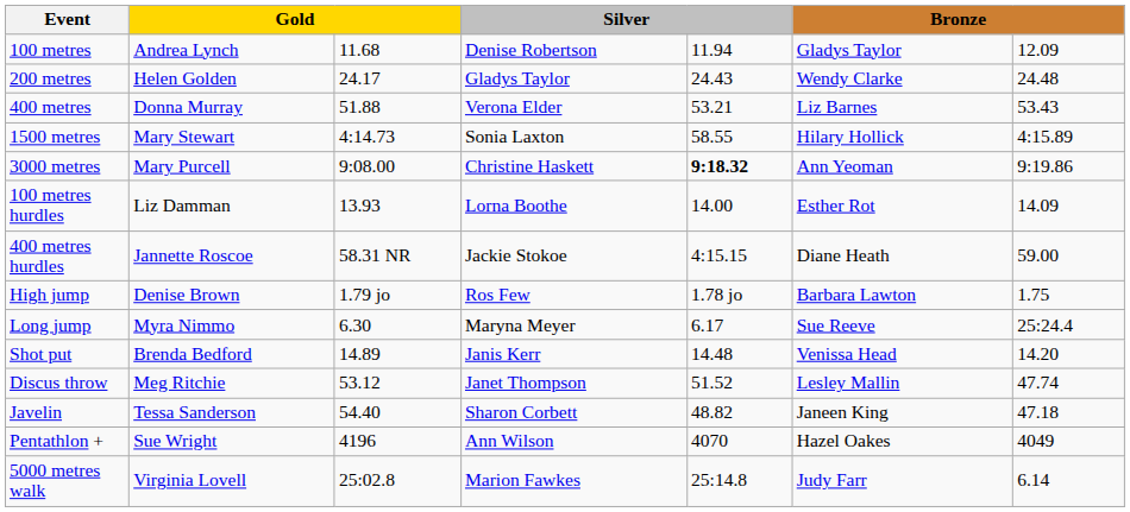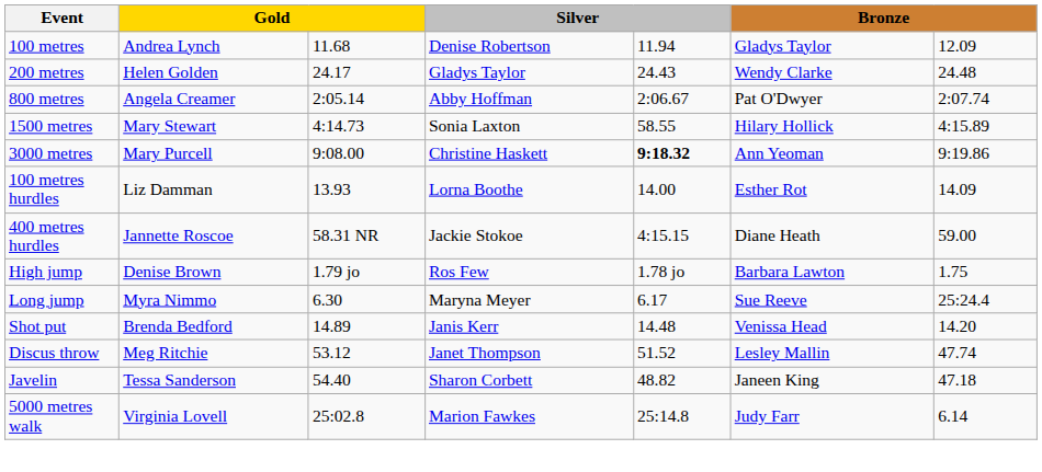 <table class="wikitable" style="text-align:left">
 <tr>
 <th width=100>Event</th>
 <th colspan="2" width="280" style="background:gold;">Gold</th>
 <th colspan="2" width="280" style="background:silver;">Silver</th>
 <th colspan="2" width="280" style="background:#CD7F32;">Bronze</th>
 </tr>
 <tr>
 <td><a href='#'>100 metres</a></td>
 <td><a href='#'>Andrea Lynch</a></td>
 <td>11.68</td>
 <td> <a href='#'>Denise Robertson</a></td>
 <td>11.94</td>
 <td><a href='#'>Gladys Taylor</a></td>
 <td>12.09</td>
 </tr>
 <tr>
 <td><a href='#'>200 metres</a></td>
 <td> <a href='#'>Helen Golden</a></td>
 <td>24.17</td>
 <td><a href='#'>Gladys Taylor</a></td>
 <td>24.43</td>
 <td><a href='#'>Wendy Clarke</a></td>
 <td>24.48</td>
 </tr>
 <tr>
-<td><a href='#'>400 metres</a></td>
-<td><a href='#'>Donna Murray</a></td>
-<td>51.88</td>
-<td><a href='#'>Verona Elder</a></td>
-<td>53.21</td>
-<td><a href='#'>Liz Barnes</a></td>
-<td>53.43</td>
+<td><a href='#'>800 metres</a></td>
+<td><a href='#'>Angela Creamer</a></td>
+<td>2:05.14</td>
+<td> <a href='#'>Abby Hoffman</a></td>
+<td>2:06.67</td>
+<td> Pat O'Dwyer</td>
+<td>2:07.74</td>
 </tr>
 <tr>
 <td><a href='#'>1500 metres</a></td>
 <td><a href='#'>Mary Stewart</a></td>
 <td>4:14.73</td>
 <td> Sonia Laxton</td>
 <td>58.55</td>
 <td> <a href='#'>Hilary Hollick</a></td>
 <td>4:15.89</td>
 </tr>
 <tr>
 <td><a href='#'>3000 metres</a></td>
 <td> <a href='#'>Mary Purcell</a></td>
 <td>9:08.00</td>
 <td> <a href='#'>Christine Haskett</a></td>
 <td><strong>9:18.32</strong></td>
 <td><a href='#'>Ann Yeoman</a></td>
 <td>9:19.86</td>
 </tr>
 <tr>
 <td><a href='#'>100 metres hurdles</a></td>
 <td> Liz Damman</td>
 <td>13.93</td>
 <td><a href='#'>Lorna Boothe</a></td>
 <td>14.00</td>
 <td> <a href='#'>Esther Rot</a></td>
 <td>14.09</td>
 </tr>
 <tr>
 <td><a href='#'>400 metres hurdles</a></td>
 <td><a href='#'>Jannette Roscoe</a></td>
 <td>58.31 NR</td>
 <td>Jackie Stokoe</td>
 <td>4:15.15</td>
 <td>Diane Heath</td>
 <td>59.00</td>
 </tr>
 <tr>
 <td><a href='#'>High jump</a></td>
 <td><a href='#'>Denise Brown</a></td>
 <td>1.79 jo</td>
 <td><a href='#'>Ros Few</a></td>
 <td>1.78 jo</td>
 <td><a href='#'>Barbara Lawton</a></td>
 <td>1.75</td>
 </tr>
 <tr>
 <td><a href='#'>Long jump</a></td>
 <td> <a href='#'>Myra Nimmo</a></td>
 <td>6.30</td>
 <td> Maryna Meyer</td>
 <td>6.17</td>
 <td><a href='#'>Sue Reeve</a></td>
 <td>25:24.4</td>
 </tr>
 <tr>
 <td><a href='#'>Shot put</a></td>
 <td><a href='#'>Brenda Bedford</a></td>
 <td>14.89</td>
 <td><a href='#'>Janis Kerr</a></td>
 <td>14.48</td>
 <td> <a href='#'>Venissa Head</a></td>
 <td>14.20</td>
 </tr>
 <tr>
 <td><a href='#'>Discus throw</a></td>
 <td> <a href='#'>Meg Ritchie</a></td>
 <td>53.12</td>
 <td><a href='#'>Janet Thompson</a></td>
 <td>51.52</td>
 <td><a href='#'>Lesley Mallin</a></td>
 <td>47.74</td>
 </tr>
 <tr>
 <td><a href='#'>Javelin</a></td>
 <td><a href='#'>Tessa Sanderson</a></td>
 <td>54.40</td>
 <td><a href='#'>Sharon Corbett</a></td>
 <td>48.82</td>
 <td>Janeen King</td>
 <td>47.18</td>
 </tr>
 <tr>
-<td><a href='#'>Pentathlon</a> +</td>
-<td><a href='#'>Sue Wright</a></td>
-<td>4196</td>
-<td><a href='#'>Ann Wilson</a></td>
-<td>4070</td>
-<td>Hazel Oakes</td>
-<td>4049</td>
-</tr>
-<tr>
 <td><a href='#'>5000 metres walk</a></td>
 <td><a href='#'>Virginia Lovell</a></td>
 <td>25:02.8</td>
 <td><a href='#'>Marion Fawkes</a></td>
 <td>25:14.8</td>
 <td><a href='#'>Judy Farr</a></td>
 <td>6.14</td>
 </tr>
 </table>
